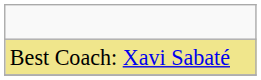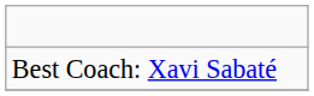 <table class="wikitable right" style="margin-left:1em;">
 <tr>
 <td><br>        </td>
 </tr>
 <tr>
-<td width="175" style="background: khaki;">Best Coach:  <a href='#'>Xavi Sabaté</a></td>
+<td width="175">Best Coach:  <a href='#'>Xavi Sabaté</a></td>
 </tr>
 <tr>
 </tr>
 </table>
